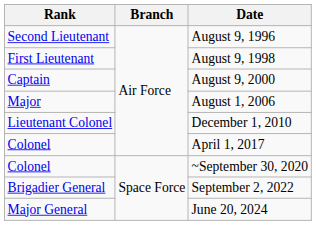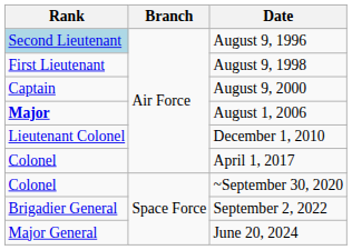 <table class="wikitable">
 <tr>
 <th>Rank</th>
 <th>Branch</th>
 <th>Date</th>
 </tr>
 <tr>
-<td> <a href='#'>Second Lieutenant</a></td>
+<td style="background: lightblue;"> <a href='#'>Second Lieutenant</a></td>
 <td rowspan=6>Air Force</td>
 <td>August 9, 1996</td>
 </tr>
 <tr>
 <td> <a href='#'>First Lieutenant</a></td>
 <td>August 9, 1998</td>
 </tr>
 <tr>
 <td> <a href='#'>Captain</a></td>
 <td>August 9, 2000</td>
 </tr>
 <tr>
-<td> <a href='#'>Major</a></td>
+<td><strong> <a href='#'>Major</a></strong></td>
 <td>August 1, 2006</td>
 </tr>
 <tr>
 <td> <a href='#'>Lieutenant Colonel</a></td>
 <td>December 1, 2010</td>
 </tr>
 <tr>
 <td> <a href='#'>Colonel</a></td>
 <td>April 1, 2017</td>
 </tr>
 <tr>
 <td> <a href='#'>Colonel</a></td>
 <td rowspan=3>Space Force</td>
 <td>~September 30, 2020</td>
 </tr>
 <tr>
 <td> <a href='#'>Brigadier General</a></td>
 <td>September 2, 2022</td>
 </tr>
 <tr>
 <td> <a href='#'>Major General</a></td>
 <td>June 20, 2024</td>
 </tr>
 </table>
